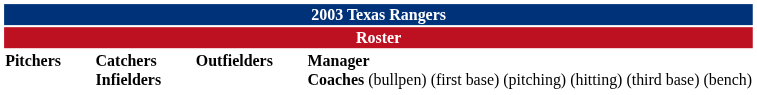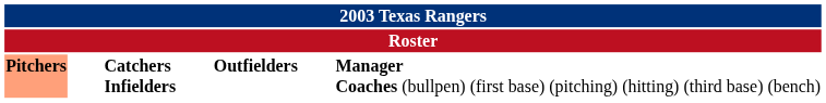 <table class="toccolours" style="font-size: 95%;">
 <tr>
 <th colspan="10" style="background-color: #003279; color: #FFFFFF; text-align: center;">2003 Texas Rangers</th>
 </tr>
 <tr>
 <td colspan="10" style="background-color: #bd1021; color: white; text-align: center;"><strong>Roster</strong></td>
 </tr>
 <tr>
-<td valign="top"><strong>Pitchers</strong><br>                          </td>
+<td valign="top" style="background: lightsalmon;"><strong>Pitchers</strong><br>                          </td>
 <td width="25px"></td>
 <td valign="top"><strong>Catchers</strong><br>    <strong>Infielders</strong>       </td>
 <td width="25px"></td>
 <td valign="top"><strong>Outfielders</strong><br>             </td>
 <td width="25px"></td>
 <td valign="top"><strong>Manager</strong><br> <strong>Coaches</strong>  (bullpen)  (first base)  (pitching)  (hitting)  (third base)  (bench)</td>
 </tr>
 </table>
